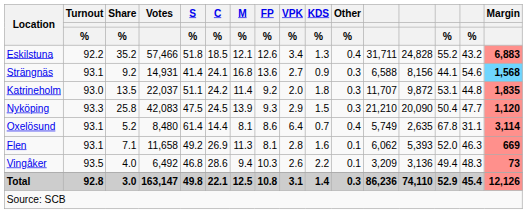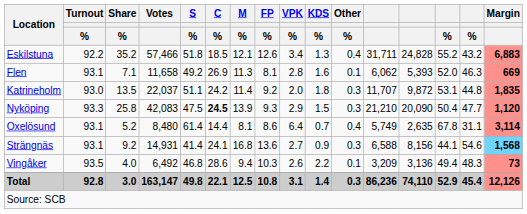 <table class="wikitable sortable" style="text-align:right; font-size:95%; line-height:20px;">
 <tr>
 <th rowspan="3">Location</th>
 <th>Turnout</th>
 <th>Share</th>
 <th>Votes</th>
 <th width="30px" class="unsortable"><a href='#'>S</a></th>
 <th width="30px" class="unsortable"><a href='#'>C</a></th>
 <th width="30px" class="unsortable"><a href='#'>M</a></th>
 <th width="30px" class="unsortable"><a href='#'>FP</a></th>
 <th width="30px" class="unsortable"><a href='#'>VPK</a></th>
 <th width="30px" class="unsortable"><a href='#'>KDS</a></th>
 <th width="30px" class="unsortable">Other</th>
 <th></th>
 <th></th>
 <th></th>
 <th></th>
 <th>Margin</th>
 </tr>
 <tr>
 <th></th>
 <th></th>
 <th></th>
 <th style="background:"></th>
 <th style="background:"></th>
 <th style="background:"></th>
 <th style="background:"></th>
 <th style="background:"></th>
 <th style="background:"></th>
 <th style="background:"></th>
 <th style="background:"></th>
 <th style="background:"></th>
 <th style="background:"></th>
 <th style="background:"></th>
 <th></th>
 </tr>
 <tr>
 <th data-sort-type="number">%</th>
 <th data-sort-type="number">%</th>
 <th></th>
 <th data-sort-type="number">%</th>
 <th data-sort-type="number">%</th>
 <th data-sort-type="number">%</th>
 <th data-sort-type="number">%</th>
 <th data-sort-type="number">%</th>
 <th data-sort-type="number">%</th>
 <th data-sort-type="number">%</th>
 <th data-sort-type="number"></th>
 <th data-sort-type="number"></th>
 <th data-sort-type="number">%</th>
 <th data-sort-type="number">%</th>
 <th data-sort-type="number"></th>
 </tr>
 <tr>
 <td align=left><a href='#'>Eskilstuna</a></td>
 <td>92.2</td>
 <td>35.2</td>
 <td>57,466</td>
 <td>51.8</td>
 <td>18.5</td>
 <td>12.1</td>
 <td>12.6</td>
 <td>3.4</td>
 <td>1.3</td>
 <td>0.4</td>
 <td>31,711</td>
 <td>24,828</td>
 <td>55.2</td>
 <td>43.2</td>
 <td bgcolor=#ff908c><strong>6,883</strong></td>
 </tr>
 <tr>
-<td align=left><a href='#'>Strängnäs</a></td>
+<td align=left><a href='#'>Flen</a></td>
 <td>93.1</td>
-<td>9.2</td>
-<td>14,931</td>
-<td>41.4</td>
-<td>24.1</td>
-<td>16.8</td>
-<td>13.6</td>
-<td>2.7</td>
-<td>0.9</td>
-<td>0.3</td>
-<td>6,588</td>
-<td>8,156</td>
-<td>44.1</td>
-<td>54.6</td>
-<td bgcolor=#6fd5fe><strong>1,568</strong></td>
+<td>7.1</td>
+<td>11,658</td>
+<td>49.2</td>
+<td>26.9</td>
+<td>11.3</td>
+<td>8.1</td>
+<td>2.8</td>
+<td>1.6</td>
+<td>0.1</td>
+<td>6,062</td>
+<td>5,393</td>
+<td>52.0</td>
+<td>46.3</td>
+<td bgcolor=#ff908c><strong>669</strong></td>
 </tr>
 <tr>
 <td align=left><a href='#'>Katrineholm</a></td>
 <td>93.0</td>
 <td>13.5</td>
 <td>22,037</td>
 <td>51.1</td>
 <td>24.2</td>
 <td>11.4</td>
 <td>9.2</td>
 <td>2.0</td>
 <td>1.8</td>
 <td>0.3</td>
 <td>11,707</td>
 <td>9,872</td>
 <td>53.1</td>
 <td>44.8</td>
 <td bgcolor=#ff908c><strong>1,835</strong></td>
 </tr>
 <tr>
 <td align=left><a href='#'>Nyköping</a></td>
 <td>93.3</td>
 <td>25.8</td>
 <td>42,083</td>
 <td>47.5</td>
-<td>24.5</td>
+<td><strong>24.5</strong></td>
 <td>13.9</td>
 <td>9.3</td>
 <td>2.9</td>
 <td>1.5</td>
 <td>0.3</td>
 <td>21,210</td>
 <td>20,090</td>
 <td>50.4</td>
 <td>47.7</td>
 <td bgcolor=#ff908c><strong>1,120</strong></td>
 </tr>
 <tr>
 <td align=left><a href='#'>Oxelösund</a></td>
 <td>93.1</td>
 <td>5.2</td>
 <td>8,480</td>
 <td>61.4</td>
 <td>14.4</td>
 <td>8.1</td>
 <td>8.6</td>
 <td>6.4</td>
 <td>0.7</td>
 <td>0.4</td>
 <td>5,749</td>
 <td>2,635</td>
 <td>67.8</td>
 <td>31.1</td>
 <td bgcolor=#ff908c><strong>3,114</strong></td>
 </tr>
 <tr>
-<td align=left><a href='#'>Flen</a></td>
+<td align=left><a href='#'>Strängnäs</a></td>
 <td>93.1</td>
-<td>7.1</td>
-<td>11,658</td>
-<td>49.2</td>
-<td>26.9</td>
-<td>11.3</td>
-<td>8.1</td>
-<td>2.8</td>
-<td>1.6</td>
-<td>0.1</td>
-<td>6,062</td>
-<td>5,393</td>
-<td>52.0</td>
-<td>46.3</td>
-<td bgcolor=#ff908c><strong>669</strong></td>
+<td>9.2</td>
+<td>14,931</td>
+<td>41.4</td>
+<td>24.1</td>
+<td>16.8</td>
+<td>13.6</td>
+<td>2.7</td>
+<td>0.9</td>
+<td>0.3</td>
+<td>6,588</td>
+<td>8,156</td>
+<td>44.1</td>
+<td>54.6</td>
+<td bgcolor=#6fd5fe><strong>1,568</strong></td>
 </tr>
 <tr>
 <td align=left><a href='#'>Vingåker</a></td>
 <td>93.5</td>
 <td>4.0</td>
 <td>6,492</td>
 <td>46.8</td>
 <td>28.6</td>
 <td>9.4</td>
 <td>10.3</td>
 <td>2.6</td>
 <td>2.2</td>
 <td>0.1</td>
 <td>3,209</td>
 <td>3,136</td>
 <td>49.4</td>
 <td>48.3</td>
 <td bgcolor=#ff908c><strong>73</strong></td>
 </tr>
 <tr>
 </tr>
 <tr style="background:#CDCDCD;">
 <td align=left><strong>Total</strong></td>
 <td><strong>92.8</strong></td>
 <td><strong>3.0</strong></td>
 <td><strong>163,147</strong></td>
 <td><strong>49.8</strong></td>
 <td><strong>22.1</strong></td>
 <td><strong>12.5</strong></td>
 <td><strong>10.8</strong></td>
 <td><strong>3.1</strong></td>
 <td><strong>1.4</strong></td>
 <td><strong>0.3</strong></td>
 <td><strong>86,236</strong></td>
 <td><strong>74,110</strong></td>
 <td><strong>52.9</strong></td>
 <td><strong>45.4</strong></td>
 <td bgcolor=#ff908c><strong>12,126</strong></td>
 </tr>
 <tr>
 <td align=left colspan=16>Source: SCB </td>
 </tr>
 </table>
